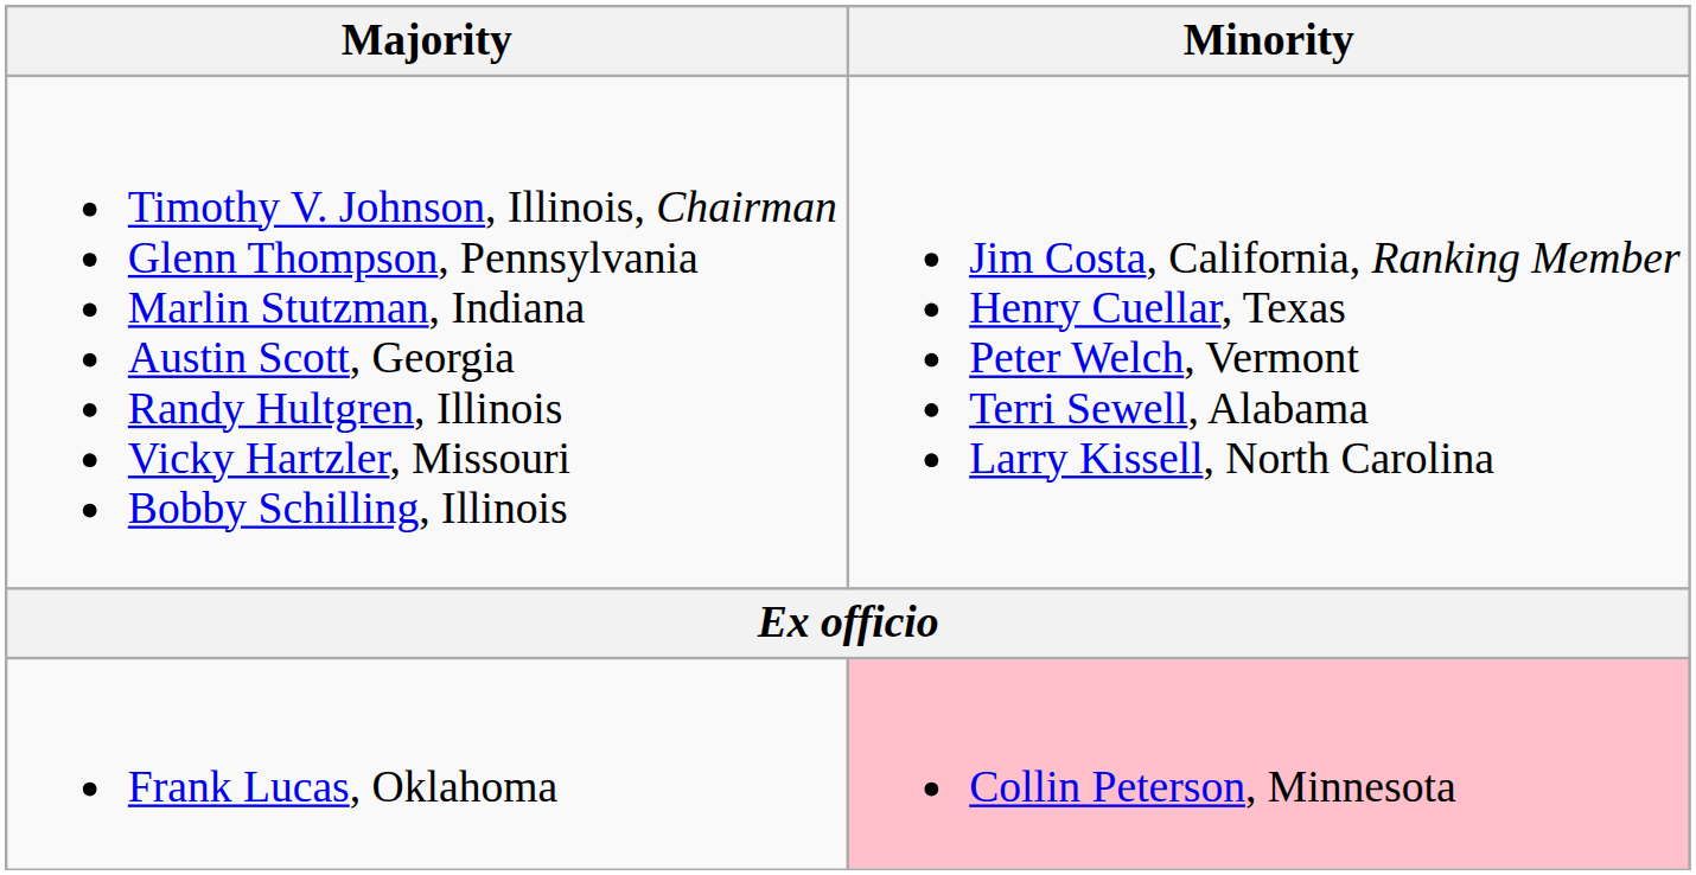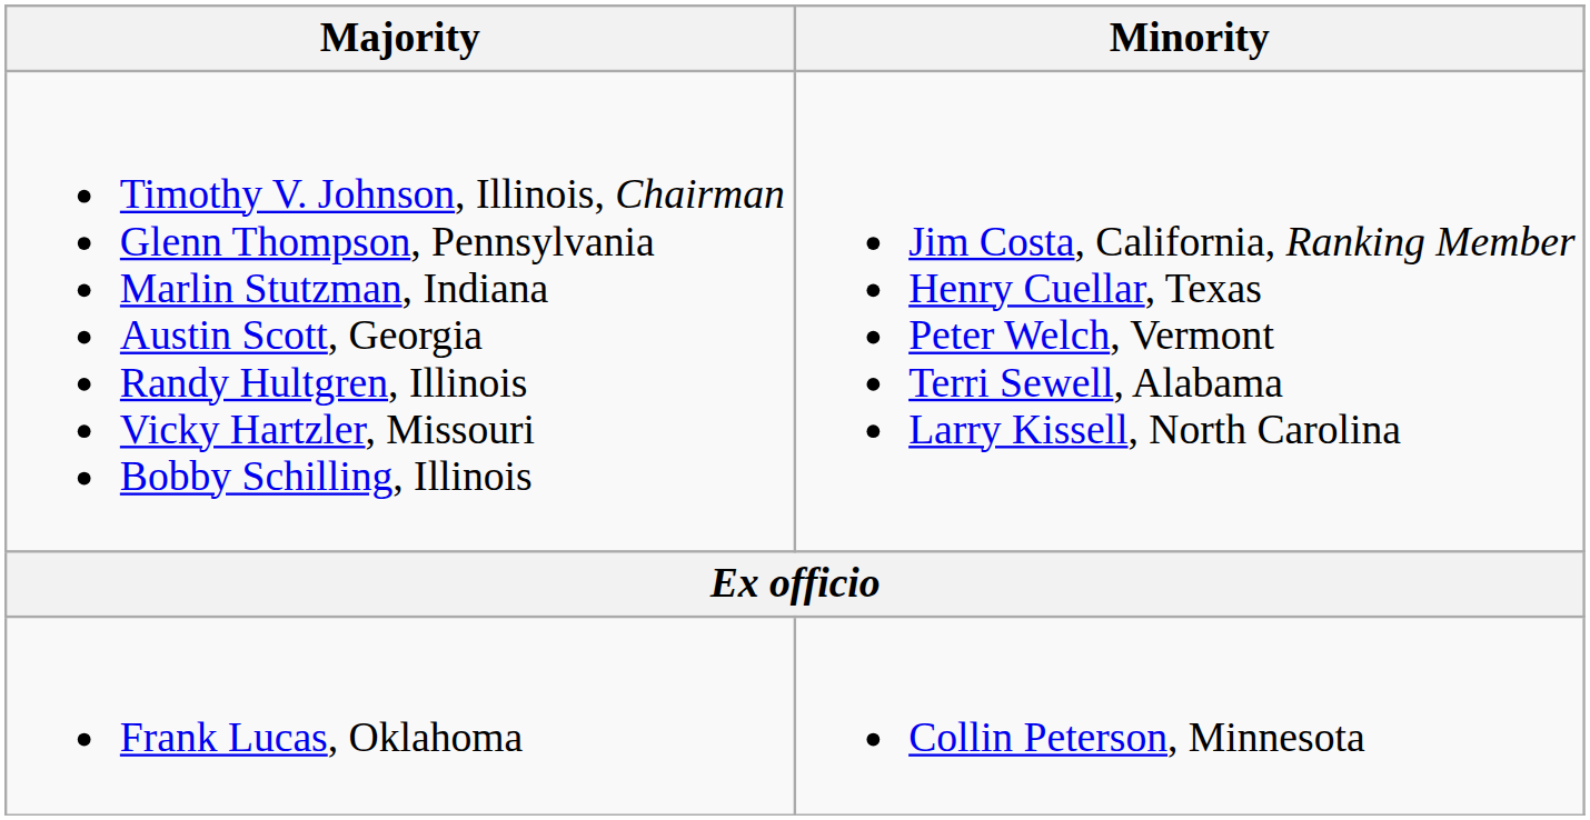 <table class=wikitable>
 <tr>
 <th>Majority</th>
 <th>Minority</th>
 </tr>
 <tr>
 <td><br><ul><li><a href='#'>Timothy V. Johnson</a>, Illinois, <em>Chairman</em></li><li><a href='#'>Glenn Thompson</a>, Pennsylvania</li><li><a href='#'>Marlin Stutzman</a>, Indiana</li><li><a href='#'>Austin Scott</a>, Georgia</li><li><a href='#'>Randy Hultgren</a>, Illinois</li><li><a href='#'>Vicky Hartzler</a>, Missouri</li><li><a href='#'>Bobby Schilling</a>, Illinois</li></ul></td>
 <td><br><ul><li><a href='#'>Jim Costa</a>, California, <em>Ranking Member</em></li><li><a href='#'>Henry Cuellar</a>, Texas</li><li><a href='#'>Peter Welch</a>, Vermont</li><li><a href='#'>Terri Sewell</a>, Alabama</li><li><a href='#'>Larry Kissell</a>, North Carolina</li></ul></td>
 </tr>
 <tr>
 <th colspan=2><em>Ex officio</em></th>
 </tr>
 <tr>
 <td><br><ul><li><a href='#'>Frank Lucas</a>, Oklahoma</li></ul></td>
-<td style="background: pink;"><br><ul><li><a href='#'>Collin Peterson</a>, Minnesota</li></ul></td>
+<td><br><ul><li><a href='#'>Collin Peterson</a>, Minnesota</li></ul></td>
 </tr>
 </table>
